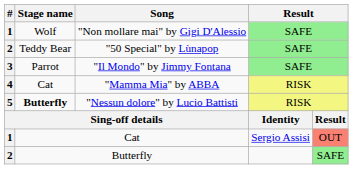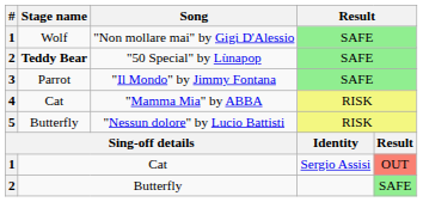 <table class="wikitable plainrowheaders" style="text-align: center;">
 <tr>
 <th>#</th>
 <th>Stage name</th>
 <th>Song</th>
 <th colspan=2>Result</th>
 </tr>
 <tr>
 <th>1</th>
 <td>Wolf</td>
 <td>"Non mollare mai" by <a href='#'>Gigi D'Alessio</a></td>
 <td colspan="2" bgcolor=lightgreen>SAFE</td>
 </tr>
 <tr>
 <th>2</th>
-<td>Teddy Bear</td>
+<td><strong>Teddy Bear</strong></td>
 <td>"50 Special" by <a href='#'>Lùnapop</a></td>
 <td colspan="2" bgcolor=lightgreen>SAFE</td>
 </tr>
 <tr>
 <th>3</th>
 <td>Parrot</td>
 <td>"<a href='#'>Il Mondo</a>" by <a href='#'>Jimmy Fontana</a></td>
 <td colspan="2" bgcolor=lightgreen>SAFE</td>
 </tr>
 <tr>
 <th>4</th>
 <td>Cat</td>
 <td>"<a href='#'>Mamma Mia</a>" by <a href='#'>ABBA</a></td>
 <td colspan="2" bgcolor="#F3F781">RISK</td>
 </tr>
 <tr>
 <th>5</th>
-<td><strong>Butterfly</strong></td>
+<td>Butterfly</td>
 <td>"<a href='#'>Nessun dolore</a>" by <a href='#'>Lucio Battisti</a></td>
 <td colspan="2" bgcolor="#F3F781">RISK</td>
 </tr>
 <tr>
 <th colspan="3">Sing-off details</th>
 <th>Identity</th>
 <th>Result</th>
 </tr>
 <tr>
 <th>1</th>
 <td colspan="2">Cat</td>
 <td><a href='#'>Sergio Assisi</a></td>
 <td bgcolor=salmon>OUT</td>
 </tr>
 <tr>
 <th>2</th>
 <td colspan="2">Butterfly</td>
 <td></td>
 <td bgcolor=lightgreen>SAFE</td>
 </tr>
 </table>
